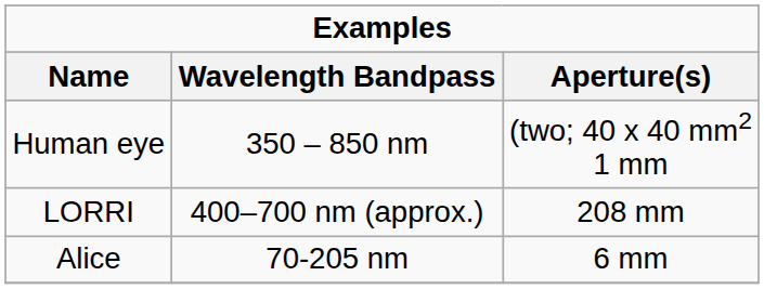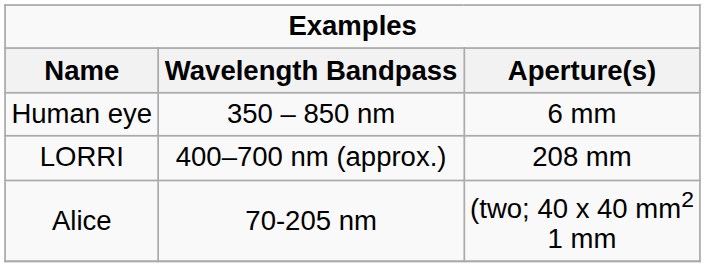 <table class=wikitable style="text-align:center; float:left; margin:10px">
 <tr>
 <td colspan="8" style="text-align:center;"><strong>Examples</strong></td>
 </tr>
 <tr>
 <th>Name</th>
 <th>Wavelength Bandpass</th>
 <th>Aperture(s)</th>
 </tr>
 <tr>
 <td>Human eye</td>
 <td>350 – 850 nm</td>
-<td>(two; 40 x 40 mm<sup>2</sup><br>1 mm </td>
+<td>6 mm</td>
 </tr>
 <tr>
 <td>LORRI</td>
 <td>400–700 nm (approx.)</td>
 <td>208 mm</td>
 </tr>
 <tr>
 <td>Alice</td>
 <td>70-205 nm</td>
-<td>6 mm</td>
+<td>(two; 40 x 40 mm<sup>2</sup><br>1 mm </td>
 </tr>
 <tr>
 </tr>
 </table>
